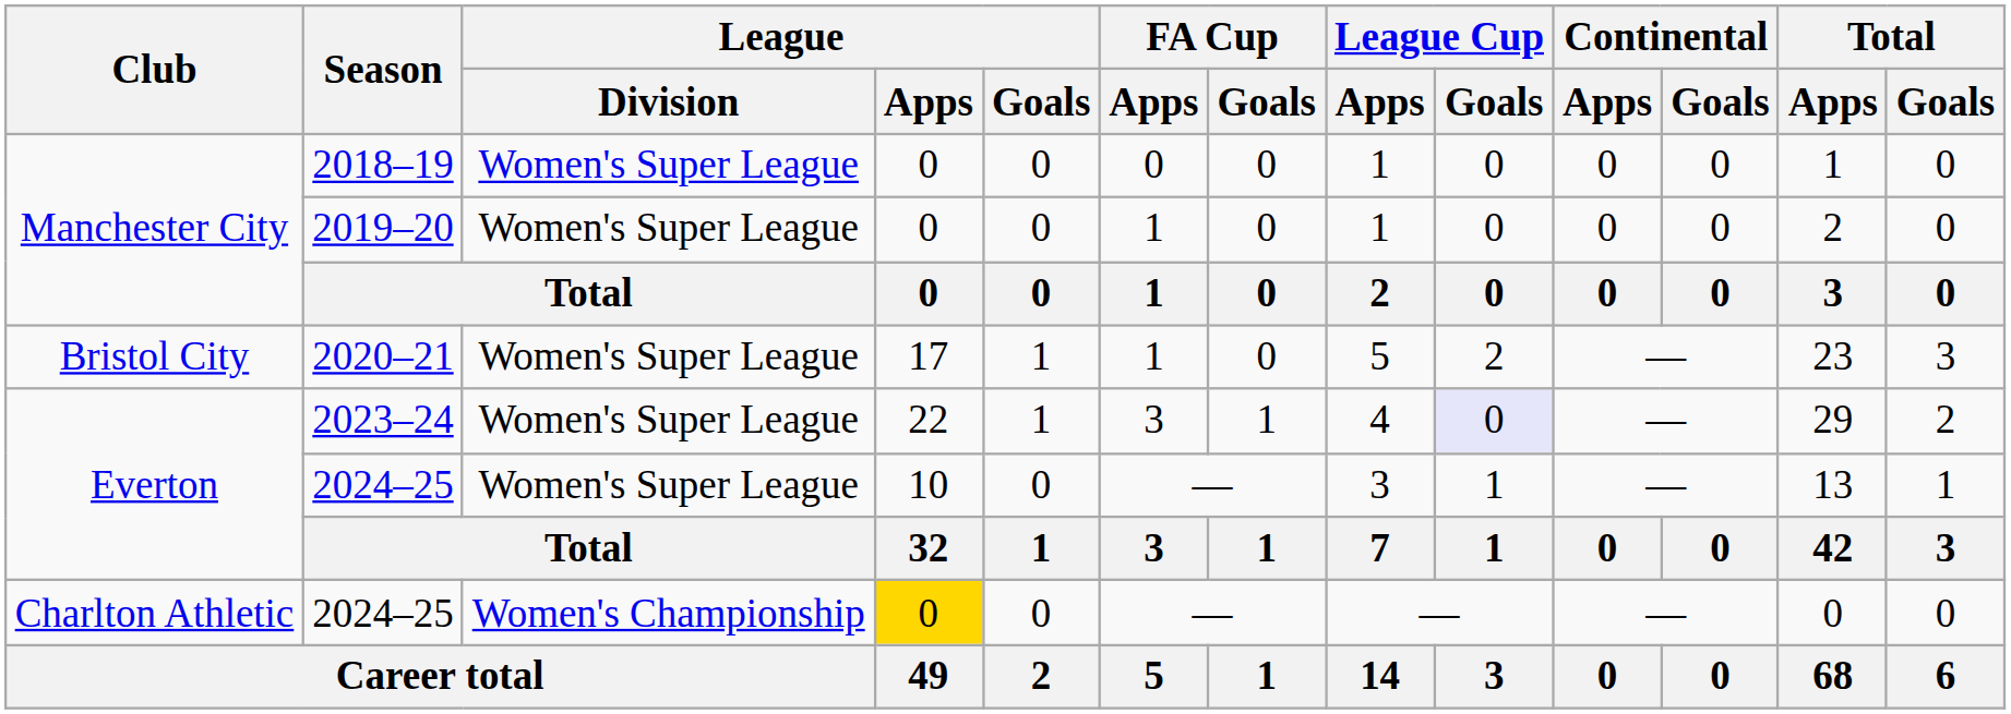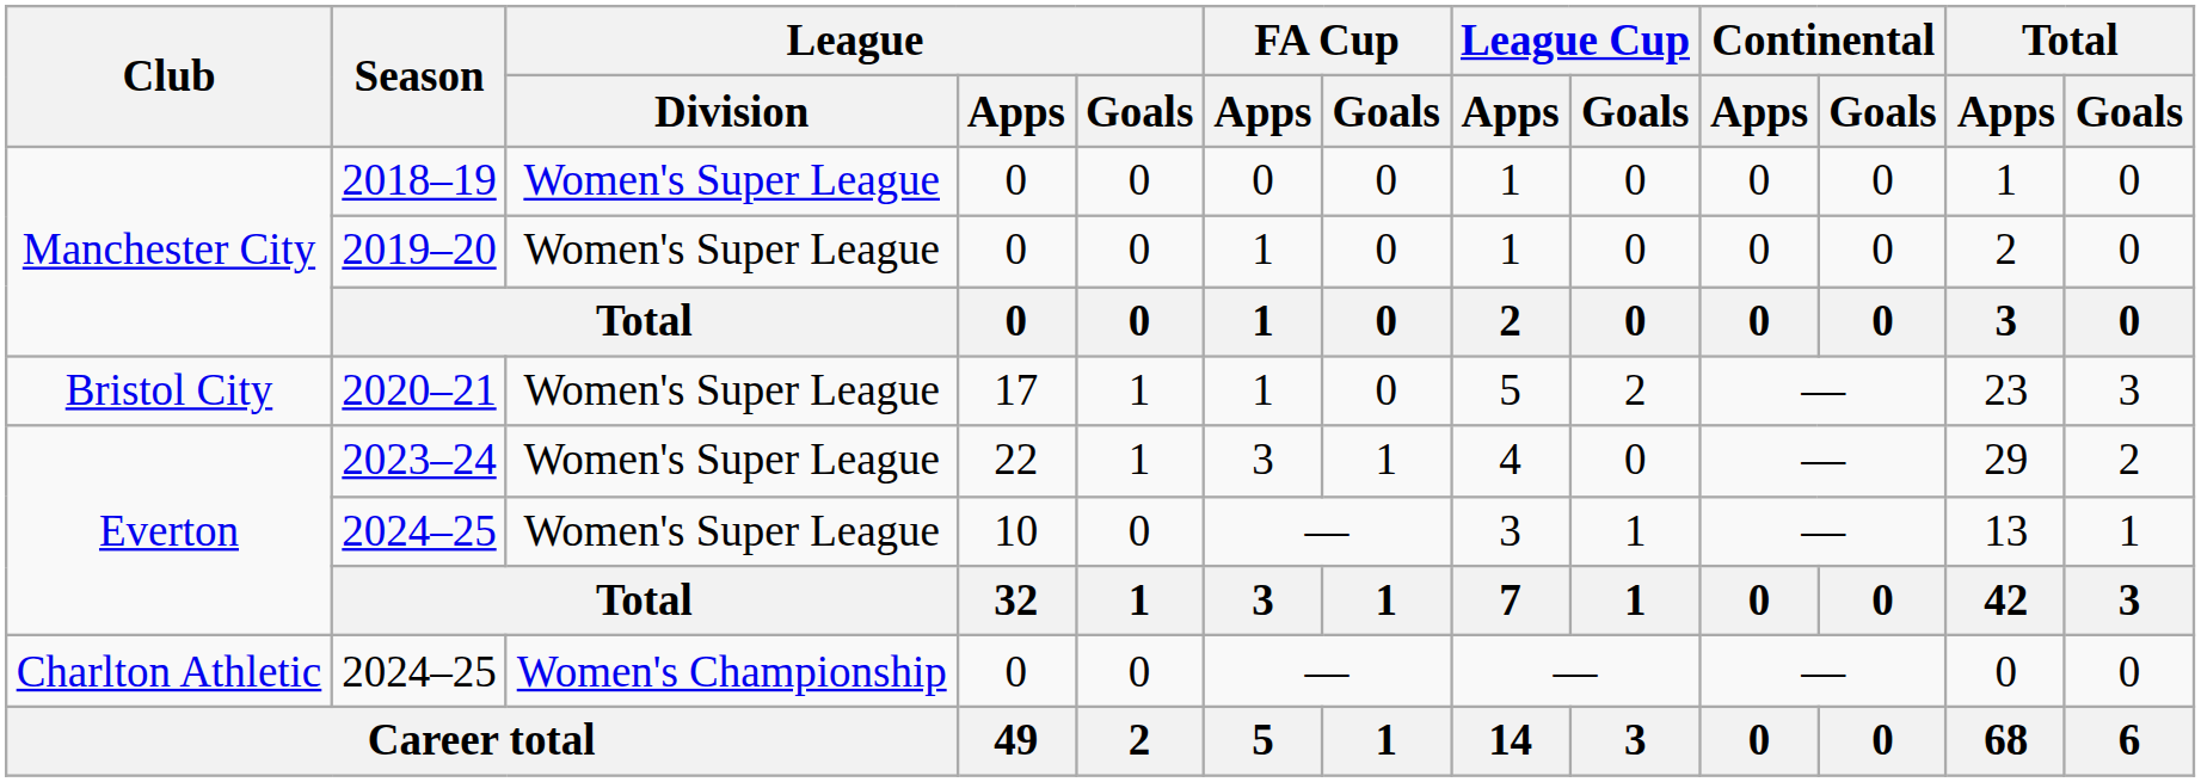 <table class="wikitable" style="text-align: center;">
 <tr>
 <th rowspan="2">Club</th>
 <th rowspan="2">Season</th>
 <th colspan="3">League</th>
 <th colspan="2">FA Cup</th>
 <th colspan="2"><a href='#'>League Cup</a></th>
 <th colspan="2">Continental</th>
 <th colspan="2">Total</th>
 </tr>
 <tr>
 <th>Division</th>
 <th>Apps</th>
 <th>Goals</th>
 <th>Apps</th>
 <th>Goals</th>
 <th>Apps</th>
 <th>Goals</th>
 <th>Apps</th>
 <th>Goals</th>
 <th>Apps</th>
 <th>Goals</th>
 </tr>
 <tr>
 <td rowspan="3"><a href='#'>Manchester City</a></td>
 <td><a href='#'>2018–19</a></td>
 <td><a href='#'>Women's Super League</a></td>
 <td>0</td>
 <td>0</td>
 <td>0</td>
 <td>0</td>
 <td>1</td>
 <td>0</td>
 <td>0</td>
 <td>0</td>
 <td>1</td>
 <td>0</td>
 </tr>
 <tr>
 <td><a href='#'>2019–20</a></td>
 <td>Women's Super League</td>
 <td>0</td>
 <td>0</td>
 <td>1</td>
 <td>0</td>
 <td>1</td>
 <td>0</td>
 <td>0</td>
 <td>0</td>
 <td>2</td>
 <td>0</td>
 </tr>
 <tr>
 <th colspan="2">Total</th>
 <th>0</th>
 <th>0</th>
 <th>1</th>
 <th>0</th>
 <th>2</th>
 <th>0</th>
 <th>0</th>
 <th>0</th>
 <th>3</th>
 <th>0</th>
 </tr>
 <tr>
 <td><a href='#'>Bristol City</a></td>
 <td><a href='#'>2020–21</a></td>
 <td>Women's Super League</td>
 <td>17</td>
 <td>1</td>
 <td>1</td>
 <td>0</td>
 <td>5</td>
 <td>2</td>
 <td colspan="2">—</td>
 <td>23</td>
 <td>3</td>
 </tr>
 <tr>
 <td rowspan="3"><a href='#'>Everton</a></td>
 <td><a href='#'>2023–24</a></td>
 <td>Women's Super League</td>
 <td>22</td>
 <td>1</td>
 <td>3</td>
 <td>1</td>
 <td>4</td>
-<td style="background: lavender;">0</td>
+<td>0</td>
 <td colspan="2">—</td>
 <td>29</td>
 <td>2</td>
 </tr>
 <tr>
 <td><a href='#'>2024–25</a></td>
 <td>Women's Super League</td>
 <td>10</td>
 <td>0</td>
 <td colspan="2">—</td>
 <td>3</td>
 <td>1</td>
 <td colspan="2">—</td>
 <td>13</td>
 <td>1</td>
 </tr>
 <tr>
 <th colspan="2">Total</th>
 <th>32</th>
 <th>1</th>
 <th>3</th>
 <th>1</th>
 <th>7</th>
 <th>1</th>
 <th>0</th>
 <th>0</th>
 <th>42</th>
 <th>3</th>
 </tr>
 <tr>
 <td><a href='#'>Charlton Athletic</a></td>
 <td>2024–25</td>
 <td><a href='#'>Women's Championship</a></td>
-<td style="background: gold;">0</td>
+<td>0</td>
 <td>0</td>
 <td colspan="2">—</td>
 <td colspan="2">—</td>
 <td colspan="2">—</td>
 <td>0</td>
 <td>0</td>
 </tr>
 <tr>
 <th colspan="3">Career total</th>
 <th>49</th>
 <th>2</th>
 <th>5</th>
 <th>1</th>
 <th>14</th>
 <th>3</th>
 <th>0</th>
 <th>0</th>
 <th>68</th>
 <th>6</th>
 </tr>
 </table>
